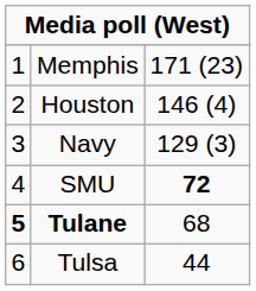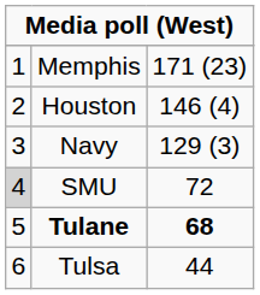 <table class="wikitable">
 <tr align="center">
 <td align="center" Colspan="3"><strong>Media poll (West)</strong></td>
 </tr>
 <tr align="center">
 </tr>
 <tr align="center">
 <td>1</td>
 <td>Memphis</td>
 <td>171 (23)</td>
 </tr>
 <tr align="center">
 <td>2</td>
 <td>Houston</td>
 <td>146 (4)</td>
 </tr>
 <tr align="center">
 <td>3</td>
 <td>Navy</td>
 <td>129 (3)</td>
 </tr>
 <tr align="center">
-<td>4</td>
+<td style="background: lightgrey;">4</td>
 <td>SMU</td>
-<td><strong>72</strong></td>
+<td>72</td>
 </tr>
 <tr align="center">
-<td><strong>5</strong></td>
+<td>5</td>
 <td><strong>Tulane</strong></td>
-<td>68</td>
+<td><strong>68</strong></td>
 </tr>
 <tr align="center">
 <td>6</td>
 <td>Tulsa</td>
 <td>44</td>
 </tr>
 </table>
